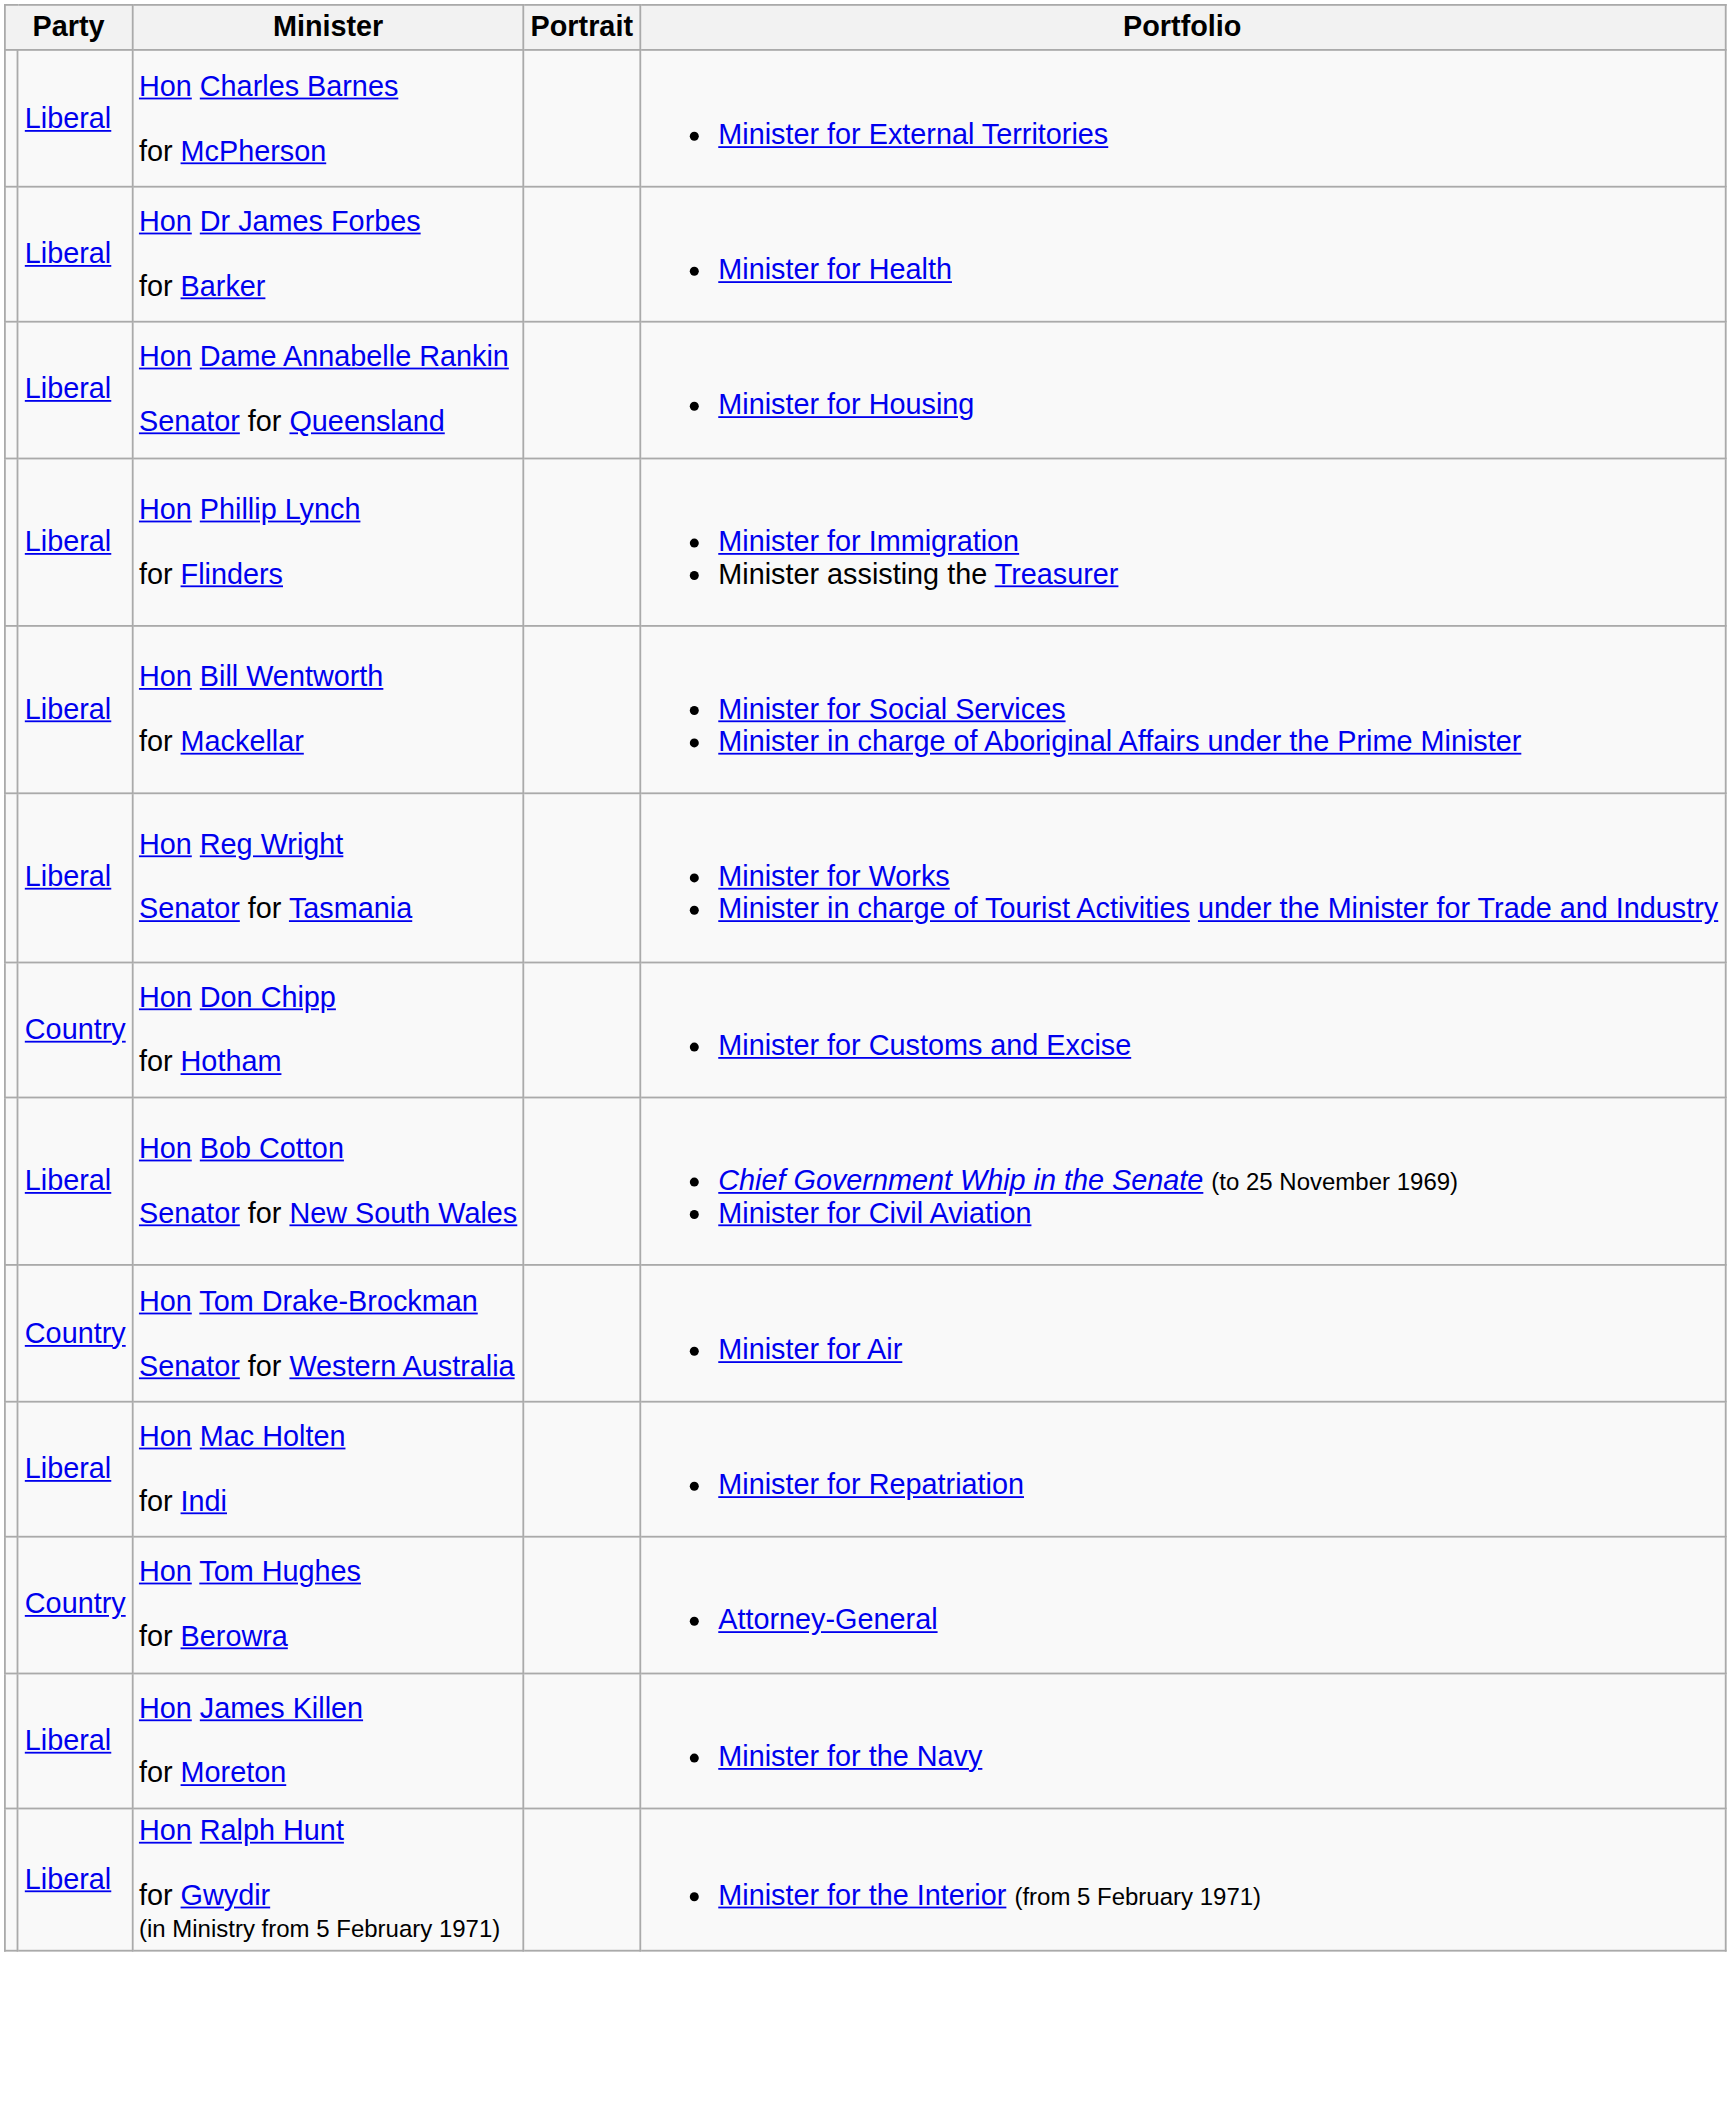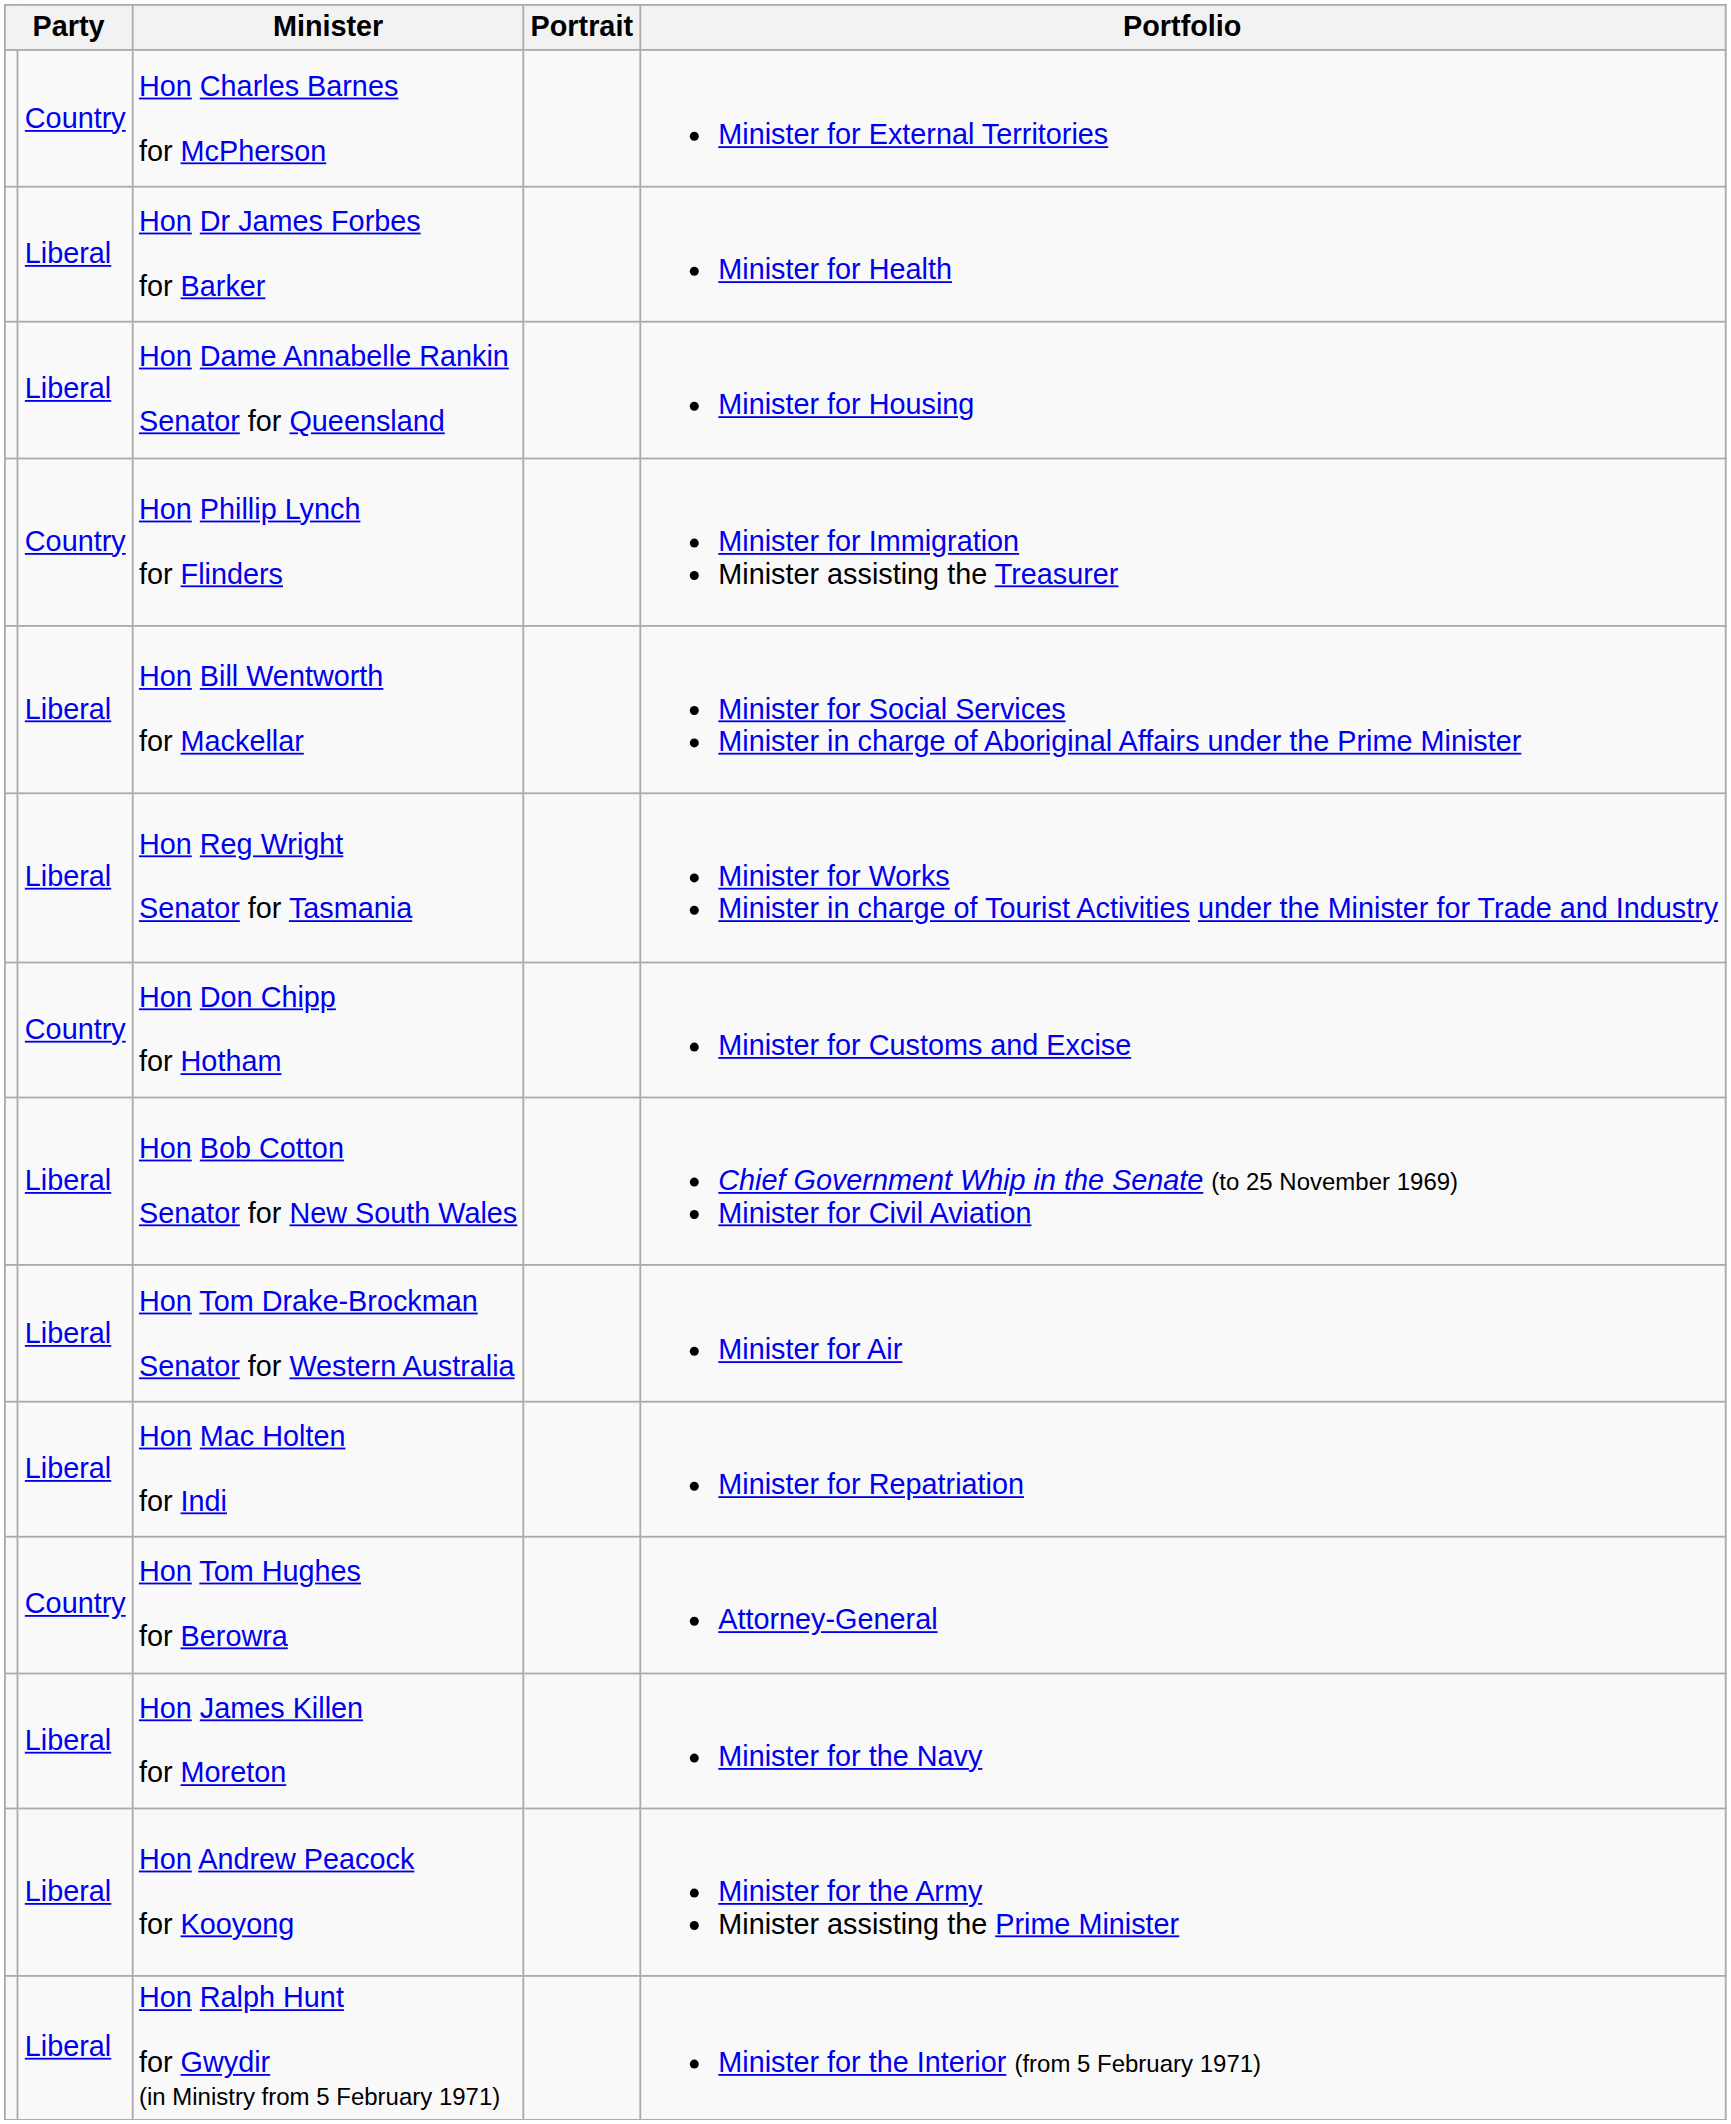 <table class="wikitable sortable">
 <tr>
 <th colspan="2">Party</th>
 <th>Minister</th>
 <th>Portrait</th>
 <th>Portfolio</th>
 </tr>
 <tr>
 <td></td>
-<td><a href='#'>Liberal</a></td>
+<td><a href='#'>Country</a></td>
 <td><a href='#'>Hon</a> <a href='#'>Charles Barnes</a> <br><br> for <a href='#'>McPherson</a> <br></td>
 <td></td>
 <td><br><ul><li><a href='#'>Minister for External Territories</a></li></ul></td>
 </tr>
 <tr>
 <td></td>
 <td><a href='#'>Liberal</a></td>
 <td><a href='#'>Hon</a> <a href='#'>Dr James Forbes</a>  <br><br> for <a href='#'>Barker</a> <br></td>
 <td></td>
 <td><br><ul><li><a href='#'>Minister for Health</a></li></ul></td>
 </tr>
 <tr>
 <td></td>
 <td><a href='#'>Liberal</a></td>
 <td><a href='#'>Hon</a> <a href='#'>Dame Annabelle Rankin</a>  <br><br><a href='#'>Senator</a> for <a href='#'>Queensland</a> <br></td>
 <td></td>
 <td><br><ul><li><a href='#'>Minister for Housing</a></li></ul></td>
 </tr>
 <tr>
 <td></td>
-<td><a href='#'>Liberal</a></td>
+<td><a href='#'>Country</a></td>
 <td><a href='#'>Hon</a> <a href='#'>Phillip Lynch</a> <br><br> for <a href='#'>Flinders</a> <br></td>
 <td></td>
 <td><br><ul><li><a href='#'>Minister for Immigration</a></li><li>Minister assisting the <a href='#'>Treasurer</a></li></ul></td>
 </tr>
 <tr>
 <td></td>
 <td><a href='#'>Liberal</a></td>
 <td><a href='#'>Hon</a> <a href='#'>Bill Wentworth</a> <br><br> for <a href='#'>Mackellar</a> <br></td>
 <td></td>
 <td><br><ul><li><a href='#'>Minister for Social Services</a></li><li><a href='#'>Minister in charge of Aboriginal Affairs under the Prime Minister</a></li></ul></td>
 </tr>
 <tr>
 <td></td>
 <td><a href='#'>Liberal</a></td>
 <td><a href='#'>Hon</a> <a href='#'>Reg Wright</a> <br><br><a href='#'>Senator</a> for <a href='#'>Tasmania</a> <br></td>
 <td></td>
 <td><br><ul><li><a href='#'>Minister for Works</a></li><li><a href='#'>Minister in charge of Tourist Activities</a> <a href='#'>under the Minister for Trade and Industry</a></li></ul></td>
 </tr>
 <tr>
 <td></td>
 <td><a href='#'>Country</a></td>
 <td><a href='#'>Hon</a> <a href='#'>Don Chipp</a> <br><br> for <a href='#'>Hotham</a> <br></td>
 <td></td>
 <td><br><ul><li><a href='#'>Minister for Customs and Excise</a></li></ul></td>
 </tr>
 <tr>
 <td></td>
 <td><a href='#'>Liberal</a></td>
 <td><a href='#'>Hon</a> <a href='#'>Bob Cotton</a> <br><br><a href='#'>Senator</a> for <a href='#'>New South Wales</a> <br></td>
 <td></td>
 <td><br><ul><li><em><a href='#'>Chief Government Whip in the Senate</a></em> <small>(to 25 November 1969)</small></li><li><a href='#'>Minister for Civil Aviation</a></li></ul></td>
 </tr>
 <tr>
 <td></td>
-<td><a href='#'>Country</a></td>
+<td><a href='#'>Liberal</a></td>
 <td><a href='#'>Hon</a> <a href='#'>Tom Drake-Brockman</a>  <br><br><a href='#'>Senator</a> for <a href='#'>Western Australia</a> <br></td>
 <td></td>
 <td><br><ul><li><a href='#'>Minister for Air</a></li></ul></td>
 </tr>
 <tr>
 <td></td>
 <td><a href='#'>Liberal</a></td>
 <td><a href='#'>Hon</a> <a href='#'>Mac Holten</a> <br><br> for <a href='#'>Indi</a> <br></td>
 <td></td>
 <td><br><ul><li><a href='#'>Minister for Repatriation</a></li></ul></td>
 </tr>
 <tr>
 <td></td>
 <td><a href='#'>Country</a></td>
 <td><a href='#'>Hon</a> <a href='#'>Tom Hughes</a>  <br><br> for <a href='#'>Berowra</a> <br></td>
 <td></td>
 <td><br><ul><li><a href='#'>Attorney-General</a></li></ul></td>
 </tr>
 <tr>
 <td></td>
 <td><a href='#'>Liberal</a></td>
 <td><a href='#'>Hon</a> <a href='#'>James Killen</a> <br><br> for <a href='#'>Moreton</a> <br></td>
 <td></td>
 <td><br><ul><li><a href='#'>Minister for the Navy</a></li></ul></td>
 </tr>
 <tr>
 <td></td>
 <td><a href='#'>Liberal</a></td>
+<td><a href='#'>Hon</a> <a href='#'>Andrew Peacock</a> <br><br> for <a href='#'>Kooyong</a> <br></td>
+<td></td>
+<td><br><ul><li><a href='#'>Minister for the Army</a></li><li>Minister assisting the <a href='#'>Prime Minister</a></li></ul></td>
+</tr>
+<tr>
+<td></td>
+<td><a href='#'>Liberal</a></td>
 <td><a href='#'>Hon</a> <a href='#'>Ralph Hunt</a> <br><br> for <a href='#'>Gwydir</a> <br> <small>(in Ministry from 5 February 1971)</small></td>
 <td></td>
 <td><br><ul><li><a href='#'>Minister for the Interior</a> <small>(from 5 February 1971)</small></li></ul></td>
 </tr>
 </table>
